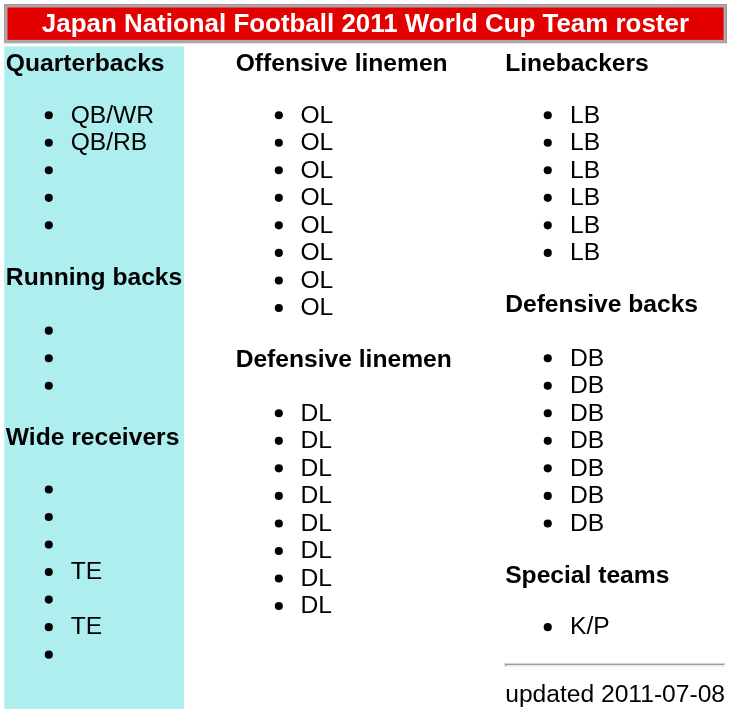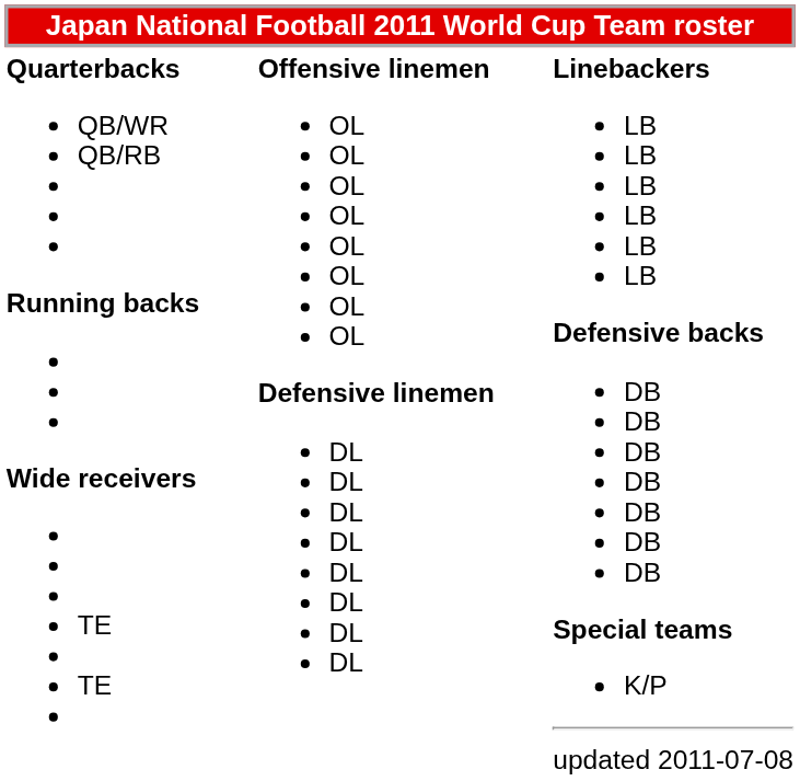 <table class="toccolours" style="text-align: left;">
 <tr>
 <th colspan="7" style="background-color: #E20000; border:2px solid #A8A9AD;color:white;text-align:center;">Japan National Football 2011 World Cup Team roster</th>
 </tr>
 <tr>
-<td style="background: paleturquoise; font-size: 95%;vertical-align:top;"><strong>Quarterbacks</strong><br><ul><li> QB/WR</li><li> QB/RB</li><li></li><li></li><li></li></ul><strong>Running backs</strong><ul><li></li><li></li><li></li></ul><strong>Wide receivers</strong><ul><li></li><li></li><li></li><li> TE</li><li></li><li> TE</li><li></li></ul></td>
+<td style="font-size: 95%;vertical-align:top;"><strong>Quarterbacks</strong><br><ul><li> QB/WR</li><li> QB/RB</li><li></li><li></li><li></li></ul><strong>Running backs</strong><ul><li></li><li></li><li></li></ul><strong>Wide receivers</strong><ul><li></li><li></li><li></li><li> TE</li><li></li><li> TE</li><li></li></ul></td>
 <td style="width: 25px;"></td>
 <td style="font-size: 95%;vertical-align:top;"><strong>Offensive linemen</strong><br><ul><li> OL</li><li> OL</li><li> OL</li><li> OL</li><li> OL</li><li> OL</li><li> OL</li><li> OL</li></ul><strong>Defensive linemen</strong><ul><li> DL</li><li> DL</li><li> DL</li><li> DL</li><li> DL</li><li> DL</li><li> DL</li><li> DL</li></ul></td>
 <td style="width: 25px;"></td>
 <td style="font-size: 95%;vertical-align:top;"><strong>Linebackers </strong><br><ul><li> LB</li><li> LB</li><li> LB</li><li> LB</li><li> LB</li><li> LB</li></ul><strong>Defensive backs</strong><ul><li> DB</li><li> DB</li><li> DB</li><li> DB</li><li> DB</li><li> DB</li><li> DB</li></ul><strong>Special teams</strong><ul><li> K/P</li></ul><hr> <span></span> updated 2011-07-08<br></td>
 </tr>
 <tr>
 </tr>
 </table>
